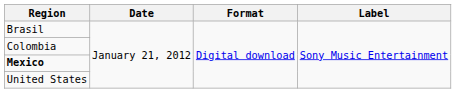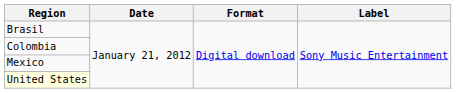 <table class=wikitable>
 <tr>
 <th>Region</th>
 <th>Date</th>
 <th>Format</th>
 <th>Label</th>
 </tr>
 <tr>
 <td>Brasil</td>
 <td rowspan="4">January 21, 2012</td>
 <td rowspan="4"><a href='#'>Digital download</a></td>
 <td rowspan="4"><a href='#'>Sony Music Entertainment</a></td>
 </tr>
 <tr>
 <td>Colombia</td>
 </tr>
 <tr>
-<td><strong>Mexico</strong></td>
+<td>Mexico</td>
 </tr>
 <tr>
-<td>United States</td>
+<td style="background: lightyellow;">United States</td>
 </tr>
 </table>
